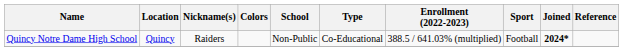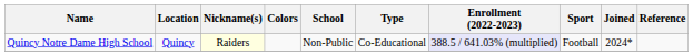 <table class="wikitable" style="text-align:center;">
 <tr>
 <th>Name</th>
 <th>Location</th>
 <th>Nickname(s)</th>
 <th>Colors</th>
 <th>School</th>
 <th>Type</th>
 <th>Enrollment<br>(2022-2023)</th>
 <th>Sport</th>
 <th>Joined</th>
 <th>Reference</th>
 </tr>
 <tr>
 <td><a href='#'>Quincy Notre Dame High School</a></td>
 <td><a href='#'>Quincy</a></td>
-<td>Raiders</td>
+<td style="background: lightyellow;">Raiders</td>
 <td>  </td>
 <td>Non-Public</td>
 <td>Co-Educational</td>
-<td>388.5 / 641.03% (multiplied)</td>
+<td style="background: lavender;">388.5 / 641.03% (multiplied)</td>
 <td>Football</td>
-<td><strong>2024*</strong></td>
+<td>2024*</td>
 <td></td>
 </tr>
 <tr>
 </tr>
 </table>
